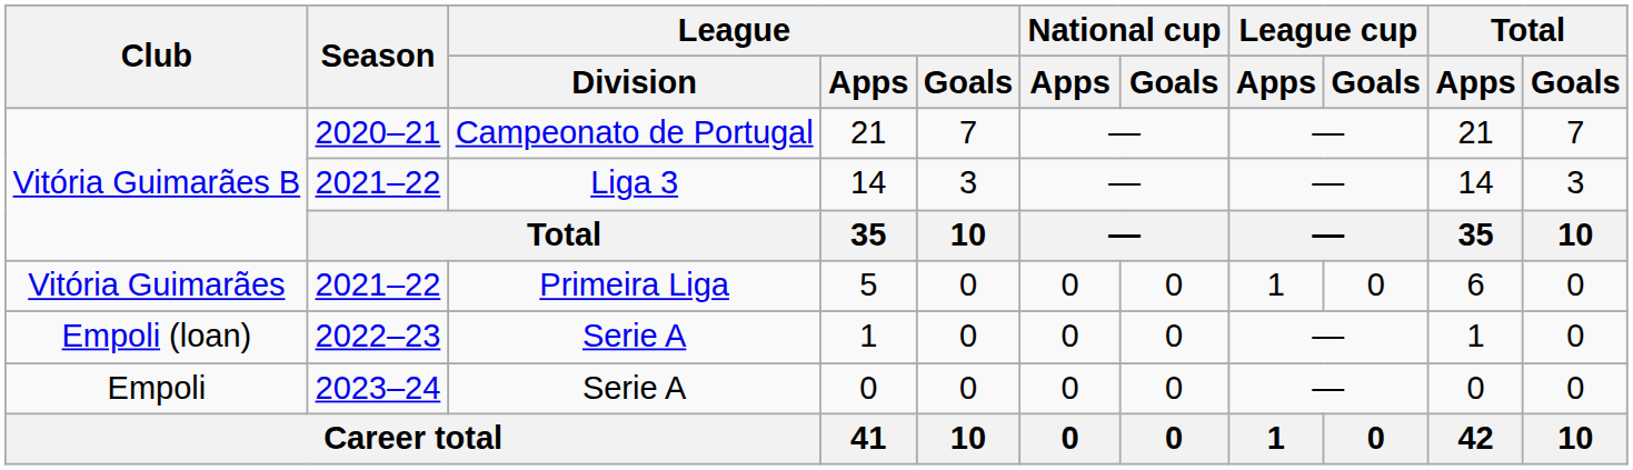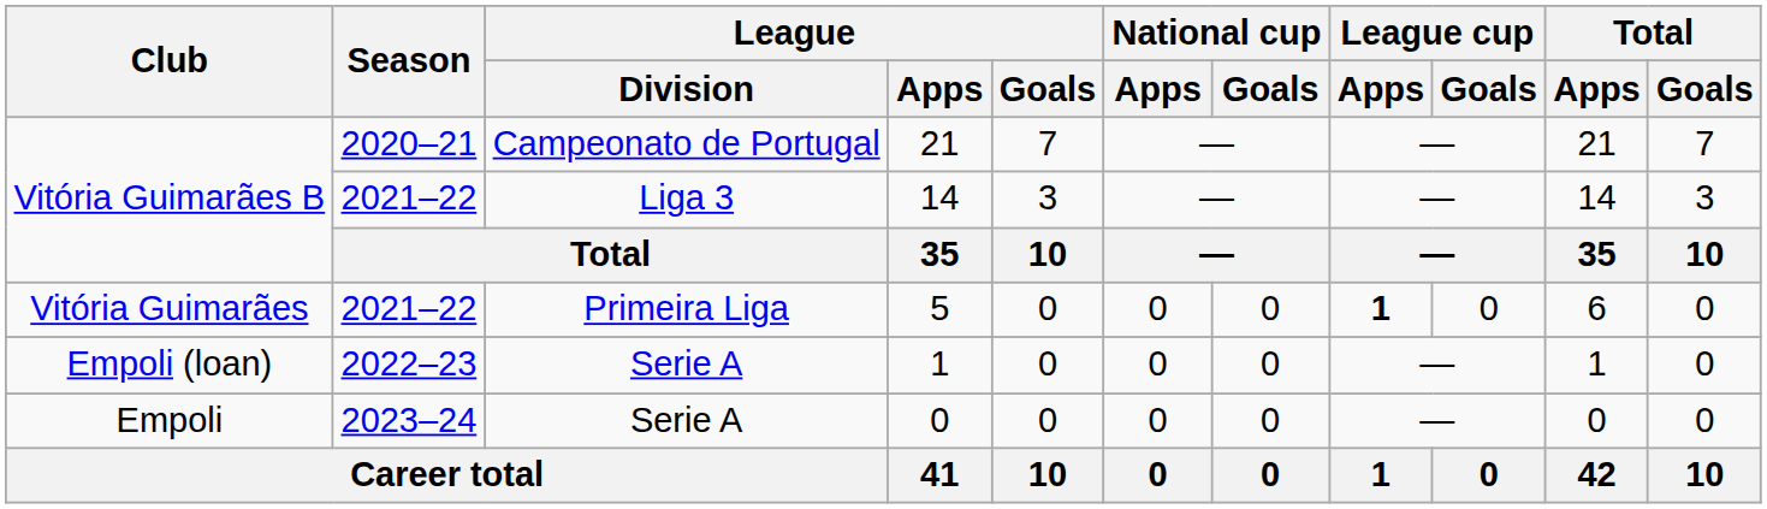 <table class="wikitable" style="text-align: center">
 <tr>
 <th rowspan="2">Club</th>
 <th rowspan="2">Season</th>
 <th colspan="3">League</th>
 <th colspan="2">National cup</th>
 <th colspan="2">League cup</th>
 <th colspan="2">Total</th>
 </tr>
 <tr>
 <th>Division</th>
 <th>Apps</th>
 <th>Goals</th>
 <th>Apps</th>
 <th>Goals</th>
 <th>Apps</th>
 <th>Goals</th>
 <th>Apps</th>
 <th>Goals</th>
 </tr>
 <tr>
 <td rowspan="3"><a href='#'>Vitória Guimarães B</a></td>
 <td><a href='#'>2020–21</a></td>
 <td><a href='#'>Campeonato de Portugal</a></td>
 <td>21</td>
 <td>7</td>
 <td colspan="2">—</td>
 <td colspan="2">—</td>
 <td>21</td>
 <td>7</td>
 </tr>
 <tr>
 <td><a href='#'>2021–22</a></td>
 <td><a href='#'>Liga 3</a></td>
 <td>14</td>
 <td>3</td>
 <td colspan="2">—</td>
 <td colspan="2">—</td>
 <td>14</td>
 <td>3</td>
 </tr>
 <tr>
 <th colspan="2">Total</th>
 <th>35</th>
 <th>10</th>
 <th colspan="2">—</th>
 <th colspan="2">—</th>
 <th>35</th>
 <th>10</th>
 </tr>
 <tr>
 <td><a href='#'>Vitória Guimarães</a></td>
 <td><a href='#'>2021–22</a></td>
 <td><a href='#'>Primeira Liga</a></td>
 <td>5</td>
 <td>0</td>
 <td>0</td>
 <td>0</td>
-<td>1</td>
+<td><strong>1</strong></td>
 <td>0</td>
 <td>6</td>
 <td>0</td>
 </tr>
 <tr>
 <td><a href='#'>Empoli</a> (loan)</td>
 <td><a href='#'>2022–23</a></td>
 <td><a href='#'>Serie A</a></td>
 <td>1</td>
 <td>0</td>
 <td>0</td>
 <td>0</td>
 <td colspan="2">—</td>
 <td>1</td>
 <td>0</td>
 </tr>
 <tr>
 <td>Empoli</td>
 <td><a href='#'>2023–24</a></td>
 <td>Serie A</td>
 <td>0</td>
 <td>0</td>
 <td>0</td>
 <td>0</td>
 <td colspan="2">—</td>
 <td>0</td>
 <td>0</td>
 </tr>
 <tr>
 <th colspan="3"><strong>Career total</strong></th>
 <th>41</th>
 <th>10</th>
 <th>0</th>
 <th>0</th>
 <th>1</th>
 <th>0</th>
 <th>42</th>
 <th>10</th>
 </tr>
 </table>
